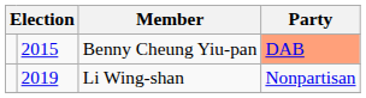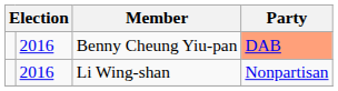 <table class="wikitable">
 <tr>
 <th colspan="2">Election</th>
 <th>Member</th>
 <th>Party</th>
 </tr>
 <tr>
 <td style="background-color:"></td>
-<td><a href='#'>2015</a></td>
+<td><a href='#'>2016</a></td>
 <td>Benny Cheung Yiu-pan</td>
 <td style="background: lightsalmon;"><a href='#'>DAB</a></td>
 </tr>
 <tr>
 <td style="background-color:"></td>
-<td><a href='#'>2019</a></td>
+<td><a href='#'>2016</a></td>
 <td>Li Wing-shan</td>
 <td><a href='#'>Nonpartisan</a></td>
 </tr>
 <tr>
 </tr>
 </table>
